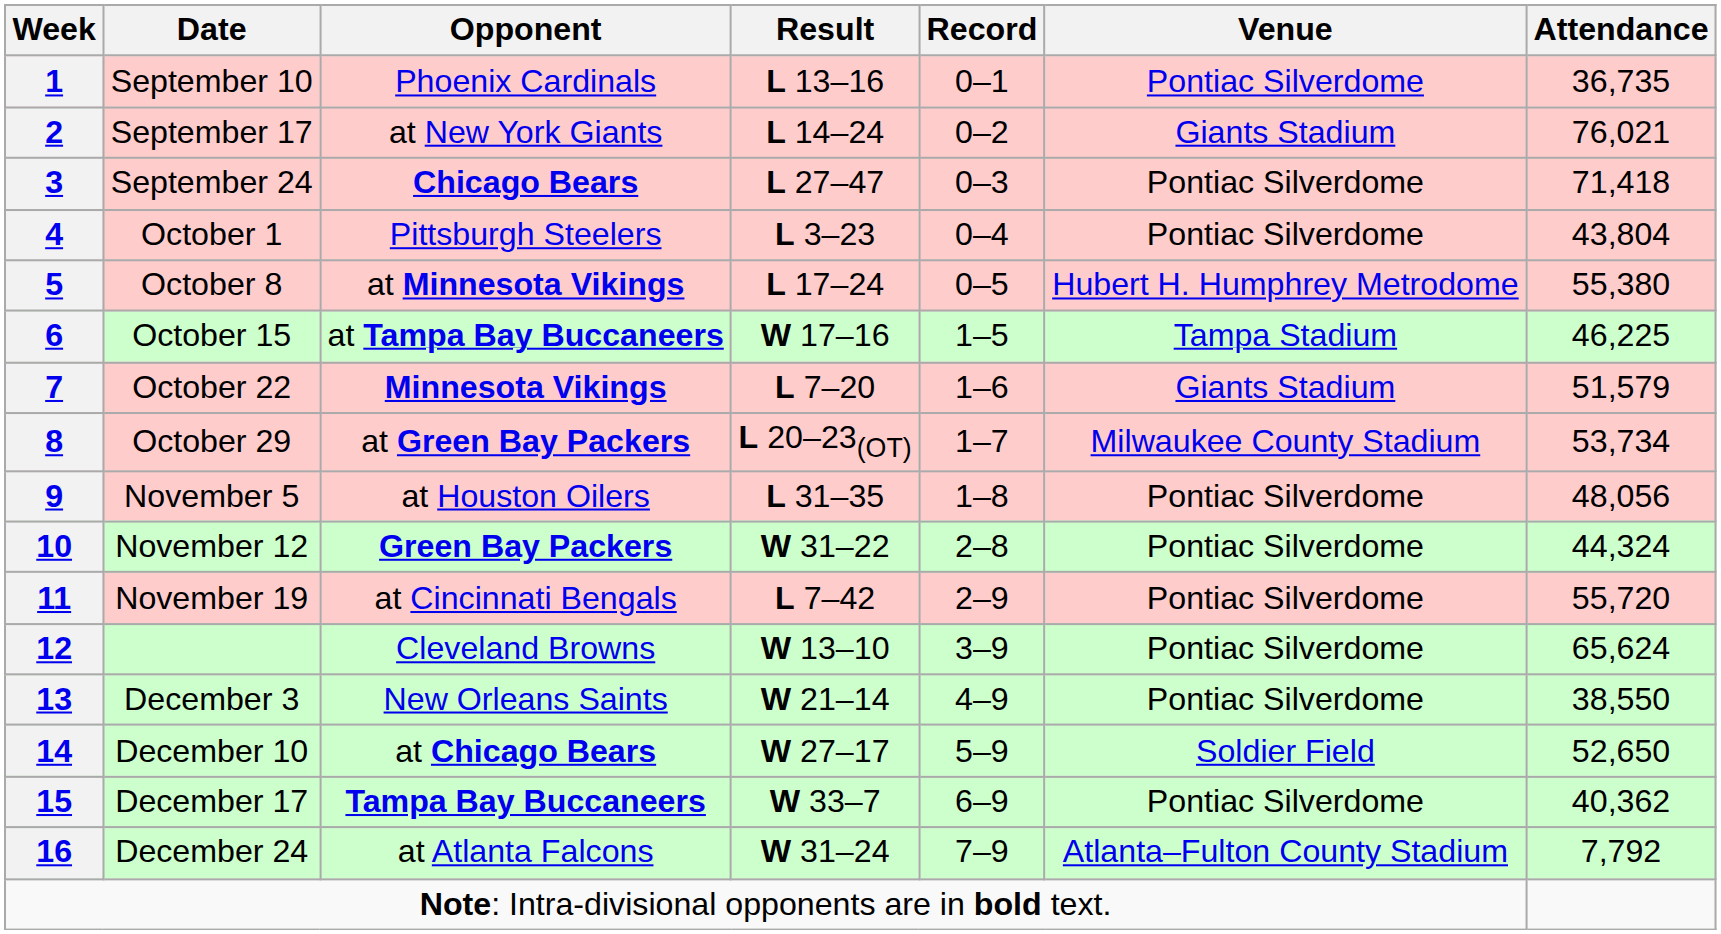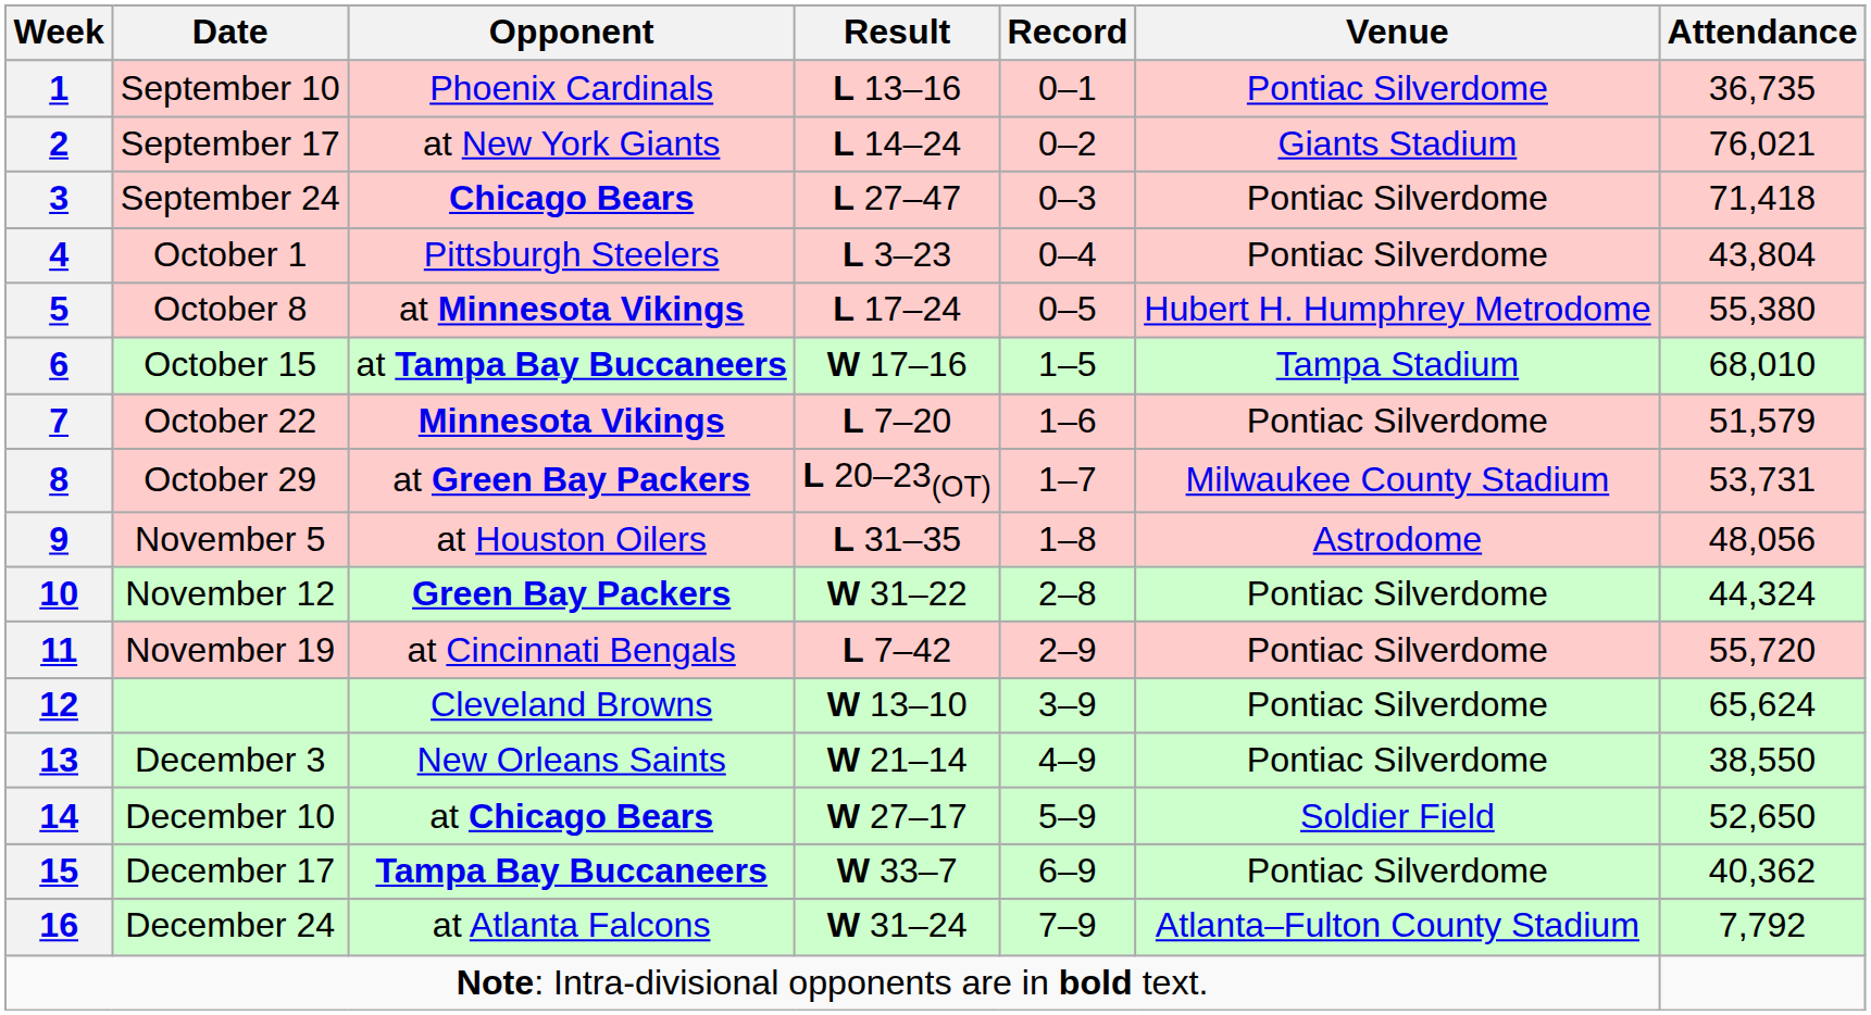 <table class="wikitable"  style="text-align: center;">
 <tr>
 <th>Week</th>
 <th>Date</th>
 <th>Opponent</th>
 <th>Result</th>
 <th>Record</th>
 <th>Venue</th>
 <th>Attendance</th>
 </tr>
 <tr style="background: #fcc;">
 <th><a href='#'>1</a></th>
 <td>September 10</td>
 <td><a href='#'>Phoenix Cardinals</a></td>
 <td><strong>L</strong> 13–16</td>
 <td>0–1</td>
 <td><a href='#'>Pontiac Silverdome</a></td>
 <td>36,735</td>
 </tr>
 <tr style="background: #fcc;">
 <th><a href='#'>2</a></th>
 <td>September 17</td>
 <td>at <a href='#'>New York Giants</a></td>
 <td><strong>L</strong> 14–24</td>
 <td>0–2</td>
 <td><a href='#'>Giants Stadium</a></td>
 <td>76,021</td>
 </tr>
 <tr style="background: #fcc;">
 <th><a href='#'>3</a></th>
 <td>September 24</td>
 <td><strong><a href='#'>Chicago Bears</a></strong></td>
 <td><strong>L</strong> 27–47</td>
 <td>0–3</td>
 <td>Pontiac Silverdome</td>
 <td>71,418</td>
 </tr>
 <tr style="background: #fcc;">
 <th><a href='#'>4</a></th>
 <td>October 1</td>
 <td><a href='#'>Pittsburgh Steelers</a></td>
 <td><strong>L</strong> 3–23</td>
 <td>0–4</td>
 <td>Pontiac Silverdome</td>
 <td>43,804</td>
 </tr>
 <tr style="background: #fcc;">
 <th><a href='#'>5</a></th>
 <td>October 8</td>
 <td>at <strong><a href='#'>Minnesota Vikings</a></strong></td>
 <td><strong>L</strong> 17–24</td>
 <td>0–5</td>
 <td><a href='#'>Hubert H. Humphrey Metrodome</a></td>
 <td>55,380</td>
 </tr>
 <tr style="background: #cfc;">
 <th><a href='#'>6</a></th>
 <td>October 15</td>
 <td>at <strong><a href='#'>Tampa Bay Buccaneers</a></strong></td>
 <td><strong>W</strong> 17–16</td>
 <td>1–5</td>
 <td><a href='#'>Tampa Stadium</a></td>
-<td>46,225</td>
+<td>68,010</td>
 </tr>
 <tr style="background: #fcc;">
 <th><a href='#'>7</a></th>
 <td>October 22</td>
 <td><strong><a href='#'>Minnesota Vikings</a></strong></td>
 <td><strong>L</strong> 7–20</td>
 <td>1–6</td>
-<td><a href='#'>Giants Stadium</a></td>
+<td>Pontiac Silverdome</td>
 <td>51,579</td>
 </tr>
 <tr style="background: #fcc;">
 <th><a href='#'>8</a></th>
 <td>October 29</td>
 <td>at <strong><a href='#'>Green Bay Packers</a></strong></td>
 <td><strong>L</strong> 20–23<sub>(OT)</sub></td>
 <td>1–7</td>
 <td><a href='#'>Milwaukee County Stadium</a></td>
-<td>53,734</td>
+<td>53,731</td>
 </tr>
 <tr style="background: #fcc;">
 <th><a href='#'>9</a></th>
 <td>November 5</td>
 <td>at <a href='#'>Houston Oilers</a></td>
 <td><strong>L</strong> 31–35</td>
 <td>1–8</td>
-<td>Pontiac Silverdome</td>
+<td><a href='#'>Astrodome</a></td>
 <td>48,056</td>
 </tr>
 <tr style="background: #cfc;">
 <th><a href='#'>10</a></th>
 <td>November 12</td>
 <td><strong><a href='#'>Green Bay Packers</a></strong></td>
 <td><strong>W</strong> 31–22</td>
 <td>2–8</td>
 <td>Pontiac Silverdome</td>
 <td>44,324</td>
 </tr>
 <tr style="background: #fcc;">
 <th><a href='#'>11</a></th>
 <td>November 19</td>
 <td>at <a href='#'>Cincinnati Bengals</a></td>
 <td><strong>L</strong> 7–42</td>
 <td>2–9</td>
 <td>Pontiac Silverdome</td>
 <td>55,720</td>
 </tr>
 <tr style="background: #cfc;">
 <th><a href='#'>12</a></th>
 <td></td>
 <td><a href='#'>Cleveland Browns</a></td>
 <td><strong>W</strong> 13–10</td>
 <td>3–9</td>
 <td>Pontiac Silverdome</td>
 <td>65,624</td>
 </tr>
 <tr style="background: #cfc;">
 <th><a href='#'>13</a></th>
 <td>December 3</td>
 <td><a href='#'>New Orleans Saints</a></td>
 <td><strong>W</strong> 21–14</td>
 <td>4–9</td>
 <td>Pontiac Silverdome</td>
 <td>38,550</td>
 </tr>
 <tr style="background: #cfc;">
 <th><a href='#'>14</a></th>
 <td>December 10</td>
 <td>at <strong><a href='#'>Chicago Bears</a></strong></td>
 <td><strong>W</strong> 27–17</td>
 <td>5–9</td>
 <td><a href='#'>Soldier Field</a></td>
 <td>52,650</td>
 </tr>
 <tr style="background: #cfc;">
 <th><a href='#'>15</a></th>
 <td>December 17</td>
 <td><strong><a href='#'>Tampa Bay Buccaneers</a></strong></td>
 <td><strong>W</strong> 33–7</td>
 <td>6–9</td>
 <td>Pontiac Silverdome</td>
 <td>40,362</td>
 </tr>
 <tr style="background: #cfc;">
 <th><a href='#'>16</a></th>
 <td>December 24</td>
 <td>at <a href='#'>Atlanta Falcons</a></td>
 <td><strong>W</strong> 31–24</td>
 <td>7–9</td>
 <td><a href='#'>Atlanta–Fulton County Stadium</a></td>
 <td>7,792</td>
 </tr>
 <tr>
 <td colspan="6"><strong>Note</strong>: Intra-divisional opponents are in <strong>bold</strong> text.</td>
 <td></td>
 </tr>
 </table>
